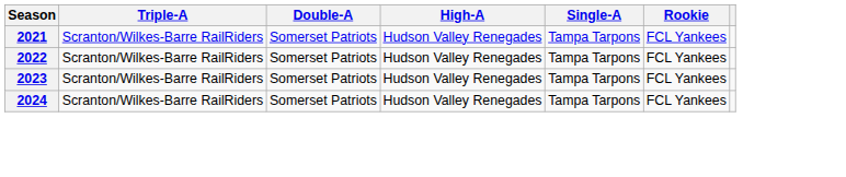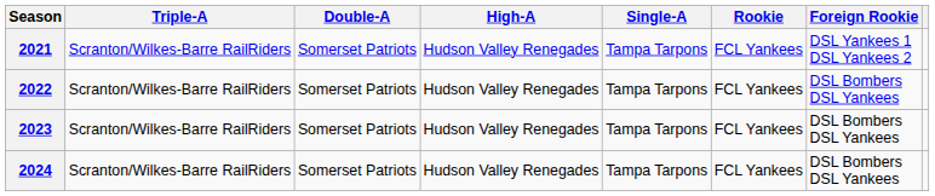 <table class="wikitable plainrowheaders">
 <tr>
 <th scope="col">Season</th>
 <th scope="col"><a href='#'><span>Triple-A</span></a></th>
 <th scope="col"><a href='#'><span>Double-A</span></a></th>
 <th scope="col"><a href='#'><span>High-A</span></a></th>
 <th scope="col"><a href='#'><span>Single-A</span></a></th>
 <th scope="col"><a href='#'><span>Rookie</span></a></th>
+<th scope="col"><a href='#'><span>Foreign Rookie</span></a></th>
 <th scope="col"></th>
 </tr>
 <tr>
 <th scope="row" style="text-align:center"><a href='#'>2021</a></th>
 <td><a href='#'>Scranton/Wilkes-Barre RailRiders</a></td>
 <td><a href='#'>Somerset Patriots</a></td>
 <td><a href='#'>Hudson Valley Renegades</a></td>
 <td><a href='#'>Tampa Tarpons</a></td>
 <td><a href='#'>FCL Yankees</a></td>
+<td><a href='#'>DSL Yankees 1</a><br><a href='#'>DSL Yankees 2</a></td>
 <td align="center"></td>
 </tr>
 <tr>
 <th scope="row" style="text-align:center"><a href='#'>2022</a></th>
 <td>Scranton/Wilkes-Barre RailRiders</td>
 <td>Somerset Patriots</td>
 <td>Hudson Valley Renegades</td>
 <td>Tampa Tarpons</td>
 <td>FCL Yankees</td>
+<td><a href='#'>DSL Bombers</a><br><a href='#'>DSL Yankees</a></td>
 <td align="center"></td>
 </tr>
 <tr>
 <th scope="row" style="text-align:center"><a href='#'>2023</a></th>
 <td>Scranton/Wilkes-Barre RailRiders</td>
 <td>Somerset Patriots</td>
 <td>Hudson Valley Renegades</td>
 <td>Tampa Tarpons</td>
 <td>FCL Yankees</td>
+<td>DSL Bombers<br>DSL Yankees</td>
 <td align="center"></td>
 </tr>
 <tr>
 <th scope="row" style="text-align:center"><a href='#'>2024</a></th>
 <td>Scranton/Wilkes-Barre RailRiders</td>
 <td>Somerset Patriots</td>
 <td>Hudson Valley Renegades</td>
 <td>Tampa Tarpons</td>
 <td>FCL Yankees</td>
+<td>DSL Bombers<br>DSL Yankees</td>
 <td align="center"></td>
 </tr>
 </table>
